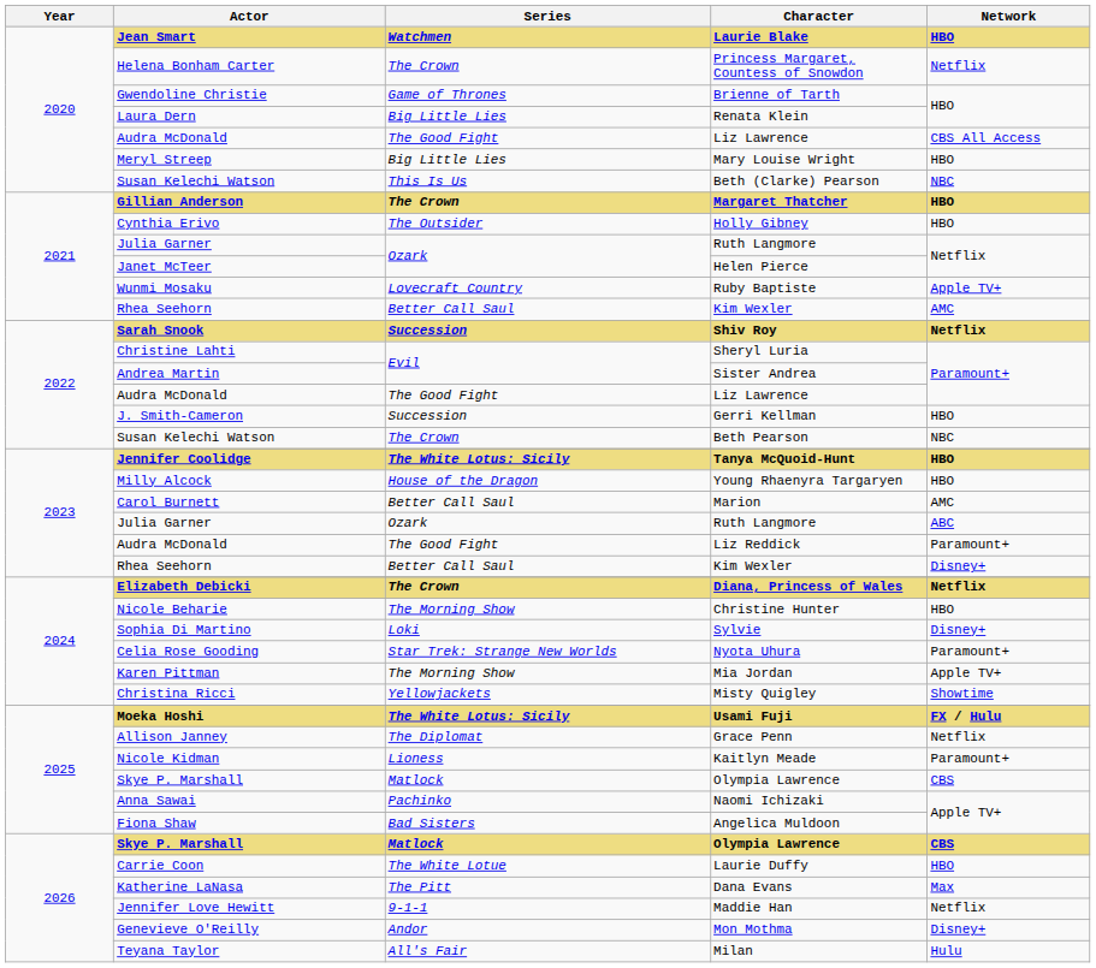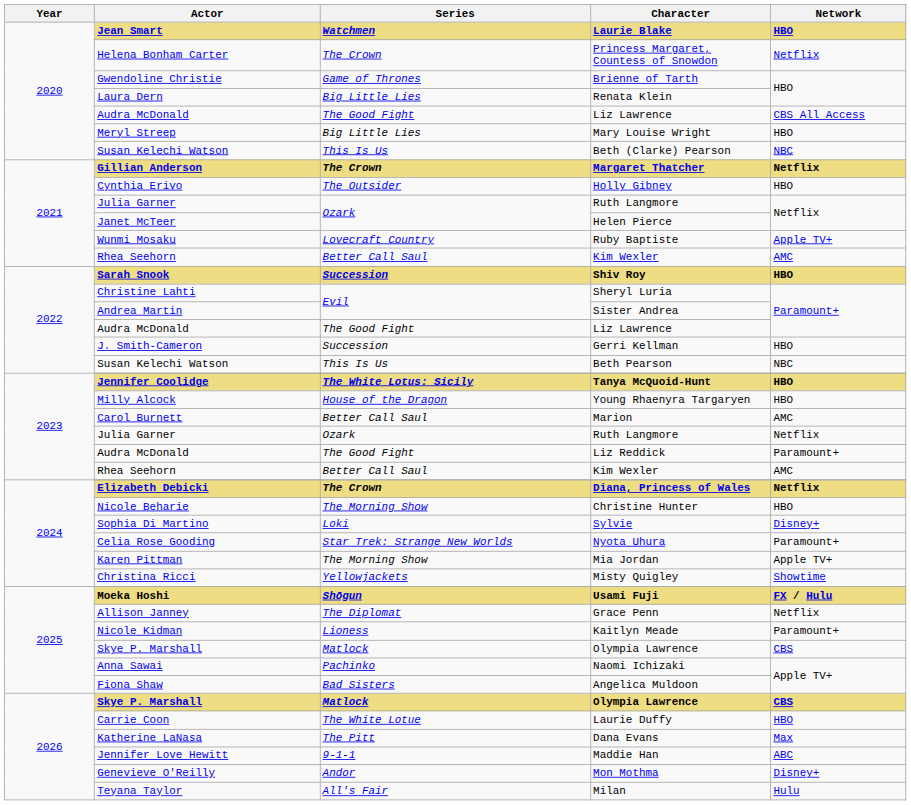 <table class="wikitable" style="width:85%">
 <tr style="background:#bebebe;">
 <th style="width:10%;">Year</th>
 <th style="wodth:25%;">Actor</th>
 <th style="width:30%;">Series</th>
 <th style="width:20%;">Character</th>
 <th style="width:15%;">Network</th>
 </tr>
 <tr>
 <td rowspan="7" style="text-align:center;"><a href='#'>2020</a><br></td>
 <td style="background:#EEDD82;"><strong><a href='#'>Jean Smart</a></strong></td>
 <td style="background:#EEDD82;"><strong><em><a href='#'>Watchmen</a></em></strong></td>
 <td style="background:#EEDD82;"><strong><a href='#'>Laurie Blake</a></strong></td>
 <td style="background:#EEDD82;"><strong><a href='#'>HBO</a></strong></td>
 </tr>
 <tr>
 <td><a href='#'>Helena Bonham Carter</a></td>
 <td><em><a href='#'>The Crown</a></em></td>
 <td><a href='#'>Princess Margaret, Countess of Snowdon</a></td>
 <td><a href='#'>Netflix</a></td>
 </tr>
 <tr>
 <td><a href='#'>Gwendoline Christie</a></td>
 <td><em><a href='#'>Game of Thrones</a></em></td>
 <td><a href='#'>Brienne of Tarth</a></td>
 <td rowspan="2">HBO</td>
 </tr>
 <tr>
 <td><a href='#'>Laura Dern</a></td>
 <td><em><a href='#'>Big Little Lies</a></em></td>
 <td>Renata Klein</td>
 </tr>
 <tr>
 <td><a href='#'>Audra McDonald</a></td>
 <td><em><a href='#'>The Good Fight</a></em></td>
 <td>Liz Lawrence</td>
 <td><a href='#'>CBS All Access</a></td>
 </tr>
 <tr>
 <td><a href='#'>Meryl Streep</a></td>
 <td><em>Big Little Lies</em></td>
 <td>Mary Louise Wright</td>
 <td>HBO</td>
 </tr>
 <tr>
 <td><a href='#'>Susan Kelechi Watson</a></td>
 <td><em><a href='#'>This Is Us</a></em></td>
 <td>Beth (Clarke) Pearson</td>
 <td><a href='#'>NBC</a></td>
 </tr>
 <tr>
 <td rowspan="6" style="text-align:center;"><a href='#'>2021</a><br></td>
 <td style="background:#EEDD82;"><strong><a href='#'>Gillian Anderson</a></strong></td>
 <td style="background:#EEDD82;"><strong><em>The Crown</em></strong></td>
 <td style="background:#EEDD82;"><strong><a href='#'>Margaret Thatcher</a></strong></td>
-<td style="background:#EEDD82;"><strong>HBO</strong></td>
+<td style="background:#EEDD82;"><strong>Netflix</strong></td>
 </tr>
 <tr>
 <td><a href='#'>Cynthia Erivo</a></td>
 <td><em><a href='#'>The Outsider</a></em></td>
 <td><a href='#'>Holly Gibney</a></td>
 <td>HBO</td>
 </tr>
 <tr>
 <td><a href='#'>Julia Garner</a></td>
 <td rowspan="2"><em><a href='#'>Ozark</a></em></td>
 <td>Ruth Langmore</td>
 <td rowspan="2">Netflix</td>
 </tr>
 <tr>
 <td><a href='#'>Janet McTeer</a></td>
 <td>Helen Pierce</td>
 </tr>
 <tr>
 <td><a href='#'>Wunmi Mosaku</a></td>
 <td><em><a href='#'>Lovecraft Country</a></em></td>
 <td>Ruby Baptiste</td>
 <td><a href='#'>Apple TV+</a></td>
 </tr>
 <tr>
 <td><a href='#'>Rhea Seehorn</a></td>
 <td><em><a href='#'>Better Call Saul</a></em></td>
 <td><a href='#'>Kim Wexler</a></td>
 <td><a href='#'>AMC</a></td>
 </tr>
 <tr>
 <td rowspan="6" style="text-align:center;"><a href='#'>2022</a><br></td>
 <td style="background:#EEDD82;"><strong><a href='#'>Sarah Snook</a></strong></td>
 <td style="background:#EEDD82;"><strong><em><a href='#'>Succession</a></em></strong></td>
 <td style="background:#EEDD82;"><strong>Shiv Roy</strong></td>
-<td style="background:#EEDD82;"><strong>Netflix</strong></td>
+<td style="background:#EEDD82;"><strong>HBO</strong></td>
 </tr>
 <tr>
 <td><a href='#'>Christine Lahti</a></td>
 <td rowspan="2"><em><a href='#'>Evil</a></em></td>
 <td>Sheryl Luria</td>
 <td rowspan="3"><a href='#'>Paramount+</a></td>
 </tr>
 <tr>
 <td><a href='#'>Andrea Martin</a></td>
 <td>Sister Andrea</td>
 </tr>
 <tr>
 <td>Audra McDonald</td>
 <td><em>The Good Fight</em></td>
 <td>Liz Lawrence</td>
 </tr>
 <tr>
 <td><a href='#'>J. Smith-Cameron</a></td>
 <td><em>Succession</em></td>
 <td>Gerri Kellman</td>
 <td>HBO</td>
 </tr>
 <tr>
 <td>Susan Kelechi Watson</td>
-<td><em><a href='#'>The Crown</a></em></td>
+<td><em>This Is Us</em></td>
 <td>Beth Pearson</td>
 <td>NBC</td>
 </tr>
 <tr>
 <td rowspan="7" style="text-align:center;"><a href='#'>2023</a><br></td>
 </tr>
 <tr style="background:#EEDD82;">
 <td><strong><a href='#'>Jennifer Coolidge</a></strong></td>
 <td><strong><em><a href='#'>The White Lotus: Sicily</a></em></strong></td>
 <td><strong>Tanya McQuoid-Hunt</strong></td>
 <td><strong>HBO</strong></td>
 </tr>
 <tr>
 <td><a href='#'>Milly Alcock</a></td>
 <td><em><a href='#'>House of the Dragon</a></em></td>
 <td>Young Rhaenyra Targaryen</td>
 <td>HBO</td>
 </tr>
 <tr>
 <td><a href='#'>Carol Burnett</a></td>
 <td><em>Better Call Saul</em></td>
 <td>Marion</td>
 <td>AMC</td>
 </tr>
 <tr>
 <td>Julia Garner</td>
 <td><em>Ozark</em></td>
 <td>Ruth Langmore</td>
-<td><a href='#'>ABC</a></td>
+<td>Netflix</td>
 </tr>
 <tr>
 <td>Audra McDonald</td>
 <td><em>The Good Fight</em></td>
 <td>Liz Reddick</td>
 <td>Paramount+</td>
 </tr>
 <tr>
 <td>Rhea Seehorn</td>
 <td><em>Better Call Saul</em></td>
 <td>Kim Wexler</td>
-<td><a href='#'>Disney+</a></td>
+<td>AMC</td>
 </tr>
 <tr>
 <td rowspan="7" style="text-align:center;"><a href='#'>2024</a><br></td>
 </tr>
 <tr style="background:#EEDD82;">
 <td><strong><a href='#'>Elizabeth Debicki</a></strong></td>
 <td><strong><em>The Crown</em></strong></td>
 <td><strong><a href='#'>Diana, Princess of Wales</a></strong></td>
 <td><strong>Netflix</strong></td>
 </tr>
 <tr>
 <td><a href='#'>Nicole Beharie</a></td>
 <td><em><a href='#'>The Morning Show</a></em></td>
 <td>Christine Hunter</td>
 <td>HBO</td>
 </tr>
 <tr>
 <td><a href='#'>Sophia Di Martino</a></td>
 <td><em><a href='#'>Loki</a></em></td>
 <td><a href='#'>Sylvie</a></td>
 <td><a href='#'>Disney+</a></td>
 </tr>
 <tr>
 <td><a href='#'>Celia Rose Gooding</a></td>
 <td><em><a href='#'>Star Trek: Strange New Worlds</a></em></td>
 <td><a href='#'>Nyota Uhura</a></td>
 <td>Paramount+</td>
 </tr>
 <tr>
 <td><a href='#'>Karen Pittman</a></td>
 <td><em>The Morning Show</em></td>
 <td>Mia Jordan</td>
 <td>Apple TV+</td>
 </tr>
 <tr>
 <td><a href='#'>Christina Ricci</a></td>
 <td><em><a href='#'>Yellowjackets</a></em></td>
 <td>Misty Quigley</td>
 <td><a href='#'>Showtime</a></td>
 </tr>
 <tr>
 <td rowspan="7" style="text-align:center;"><a href='#'>2025</a><br></td>
 </tr>
 <tr style="background:#EEDD82;">
 <td><strong>Moeka Hoshi</strong></td>
-<td><strong><em><a href='#'>The White Lotus: Sicily</a></em></strong></td>
+<td><strong><em><a href='#'>Shōgun</a></em></strong></td>
 <td><strong>Usami Fuji</strong></td>
 <td><strong><a href='#'>FX</a> / <a href='#'>Hulu</a></strong></td>
 </tr>
 <tr>
 <td><a href='#'>Allison Janney</a></td>
 <td><em><a href='#'>The Diplomat</a></em></td>
 <td>Grace Penn</td>
 <td>Netflix</td>
 </tr>
 <tr>
 <td><a href='#'>Nicole Kidman</a></td>
 <td><em><a href='#'>Lioness</a></em></td>
 <td>Kaitlyn Meade</td>
 <td>Paramount+</td>
 </tr>
 <tr>
 <td><a href='#'>Skye P. Marshall</a></td>
 <td><em><a href='#'>Matlock</a></em></td>
 <td>Olympia Lawrence</td>
 <td><a href='#'>CBS</a></td>
 </tr>
 <tr>
 <td><a href='#'>Anna Sawai</a></td>
 <td><em><a href='#'>Pachinko</a></em></td>
 <td>Naomi Ichizaki</td>
 <td rowspan="2">Apple TV+</td>
 </tr>
 <tr>
 <td><a href='#'>Fiona Shaw</a></td>
 <td><em><a href='#'>Bad Sisters</a></em></td>
 <td>Angelica Muldoon</td>
 </tr>
 <tr>
 <td rowspan="6" style="text-align:center;"><a href='#'>2026</a><br></td>
 <td style="background:#EEDD82;"><strong><a href='#'>Skye P. Marshall</a></strong></td>
 <td style="background:#EEDD82;"><strong><em><a href='#'>Matlock</a></em></strong></td>
 <td style="background:#EEDD82;"><strong>Olympia Lawrence</strong></td>
 <td style="background:#EEDD82;"><strong><a href='#'>CBS</a></strong></td>
 </tr>
 <tr>
 <td><a href='#'>Carrie Coon</a></td>
 <td><em><a href='#'>The White Lotue</a></em></td>
 <td>Laurie Duffy</td>
 <td><a href='#'>HBO</a></td>
 </tr>
 <tr>
 <td><a href='#'>Katherine LaNasa</a></td>
 <td><em><a href='#'>The Pitt</a></em></td>
 <td>Dana Evans</td>
 <td><a href='#'> Max</a></td>
 </tr>
 <tr>
 <td><a href='#'>Jennifer Love Hewitt</a></td>
 <td><em><a href='#'>9-1-1</a></em></td>
 <td>Maddie Han</td>
-<td>Netflix</td>
+<td><a href='#'>ABC</a></td>
 </tr>
 <tr>
 <td><a href='#'>Genevieve O'Reilly</a></td>
 <td><em><a href='#'>Andor</a></em></td>
 <td><a href='#'>Mon Mothma</a></td>
 <td><a href='#'>Disney+</a></td>
 </tr>
 <tr>
 <td><a href='#'>Teyana Taylor</a></td>
 <td><em><a href='#'>All's Fair</a></em></td>
 <td>Milan</td>
 <td><a href='#'>Hulu</a></td>
 </tr>
 </table>
